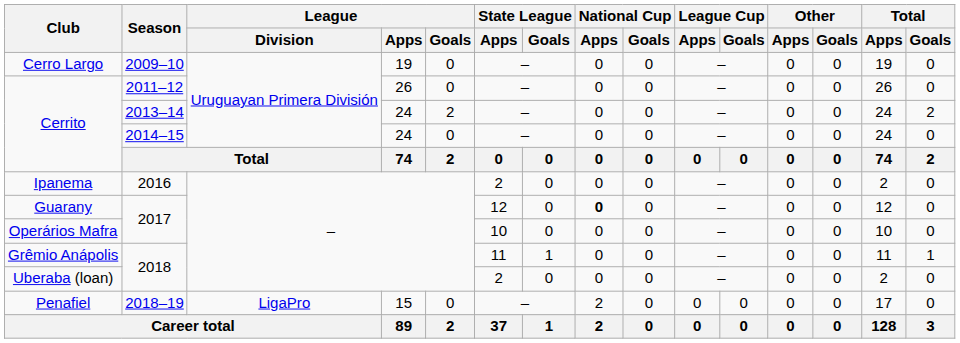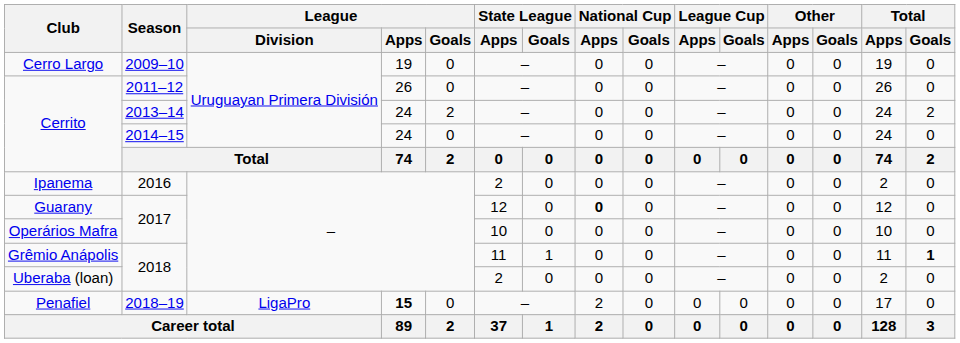 <table class="wikitable" style="text-align: center">
 <tr>
 <th rowspan="2">Club</th>
 <th rowspan="2">Season</th>
 <th colspan="3">League</th>
 <th colspan="2">State League</th>
 <th colspan="2">National Cup</th>
 <th colspan="2">League Cup</th>
 <th colspan="2">Other</th>
 <th colspan="2">Total</th>
 </tr>
 <tr>
 <th>Division</th>
 <th>Apps</th>
 <th>Goals</th>
 <th>Apps</th>
 <th>Goals</th>
 <th>Apps</th>
 <th>Goals</th>
 <th>Apps</th>
 <th>Goals</th>
 <th>Apps</th>
 <th>Goals</th>
 <th>Apps</th>
 <th>Goals</th>
 </tr>
 <tr>
 <td><a href='#'>Cerro Largo</a></td>
 <td><a href='#'>2009–10</a></td>
 <td rowspan="4"><a href='#'>Uruguayan Primera División</a></td>
 <td>19</td>
 <td>0</td>
 <td colspan="2">–</td>
 <td>0</td>
 <td>0</td>
 <td colspan="2">–</td>
 <td>0</td>
 <td>0</td>
 <td>19</td>
 <td>0</td>
 </tr>
 <tr>
 <td rowspan="4"><a href='#'>Cerrito</a></td>
 <td><a href='#'>2011–12</a></td>
 <td>26</td>
 <td>0</td>
 <td colspan="2">–</td>
 <td>0</td>
 <td>0</td>
 <td colspan="2">–</td>
 <td>0</td>
 <td>0</td>
 <td>26</td>
 <td>0</td>
 </tr>
 <tr>
 <td><a href='#'>2013–14</a></td>
 <td>24</td>
 <td>2</td>
 <td colspan="2">–</td>
 <td>0</td>
 <td>0</td>
 <td colspan="2">–</td>
 <td>0</td>
 <td>0</td>
 <td>24</td>
 <td>2</td>
 </tr>
 <tr>
 <td><a href='#'>2014–15</a></td>
 <td>24</td>
 <td>0</td>
 <td colspan="2">–</td>
 <td>0</td>
 <td>0</td>
 <td colspan="2">–</td>
 <td>0</td>
 <td>0</td>
 <td>24</td>
 <td>0</td>
 </tr>
 <tr>
 <th colspan="2"><strong>Total</strong></th>
 <th>74</th>
 <th>2</th>
 <th>0</th>
 <th>0</th>
 <th>0</th>
 <th>0</th>
 <th>0</th>
 <th>0</th>
 <th>0</th>
 <th>0</th>
 <th>74</th>
 <th>2</th>
 </tr>
 <tr>
 <td><a href='#'>Ipanema</a></td>
 <td>2016</td>
 <td colspan="3" rowspan="5">–</td>
 <td>2</td>
 <td>0</td>
 <td>0</td>
 <td>0</td>
 <td colspan="2">–</td>
 <td>0</td>
 <td>0</td>
 <td>2</td>
 <td>0</td>
 </tr>
 <tr>
 <td><a href='#'>Guarany</a></td>
 <td rowspan="2">2017</td>
 <td>12</td>
 <td>0</td>
 <td><strong>0</strong></td>
 <td>0</td>
 <td colspan="2">–</td>
 <td>0</td>
 <td>0</td>
 <td>12</td>
 <td>0</td>
 </tr>
 <tr>
 <td><a href='#'>Operários Mafra</a></td>
 <td>10</td>
 <td>0</td>
 <td>0</td>
 <td>0</td>
 <td colspan="2">–</td>
 <td>0</td>
 <td>0</td>
 <td>10</td>
 <td>0</td>
 </tr>
 <tr>
 <td><a href='#'>Grêmio Anápolis</a></td>
 <td rowspan="2">2018</td>
 <td>11</td>
 <td>1</td>
 <td>0</td>
 <td>0</td>
 <td colspan="2">–</td>
 <td>0</td>
 <td>0</td>
 <td>11</td>
-<td>1</td>
+<td><strong>1</strong></td>
 </tr>
 <tr>
 <td><a href='#'>Uberaba</a> (loan)</td>
 <td>2</td>
 <td>0</td>
 <td>0</td>
 <td>0</td>
 <td colspan="2">–</td>
 <td>0</td>
 <td>0</td>
 <td>2</td>
 <td>0</td>
 </tr>
 <tr>
 <td><a href='#'>Penafiel</a></td>
 <td><a href='#'>2018–19</a></td>
 <td><a href='#'>LigaPro</a></td>
-<td>15</td>
+<td><strong>15</strong></td>
 <td>0</td>
 <td colspan="2">–</td>
 <td>2</td>
 <td>0</td>
 <td>0</td>
 <td>0</td>
 <td>0</td>
 <td>0</td>
 <td>17</td>
 <td>0</td>
 </tr>
 <tr>
 <th colspan="3"><strong>Career total</strong></th>
 <th>89</th>
 <th>2</th>
 <th>37</th>
 <th>1</th>
 <th>2</th>
 <th>0</th>
 <th>0</th>
 <th>0</th>
 <th>0</th>
 <th>0</th>
 <th>128</th>
 <th>3</th>
 </tr>
 </table>
